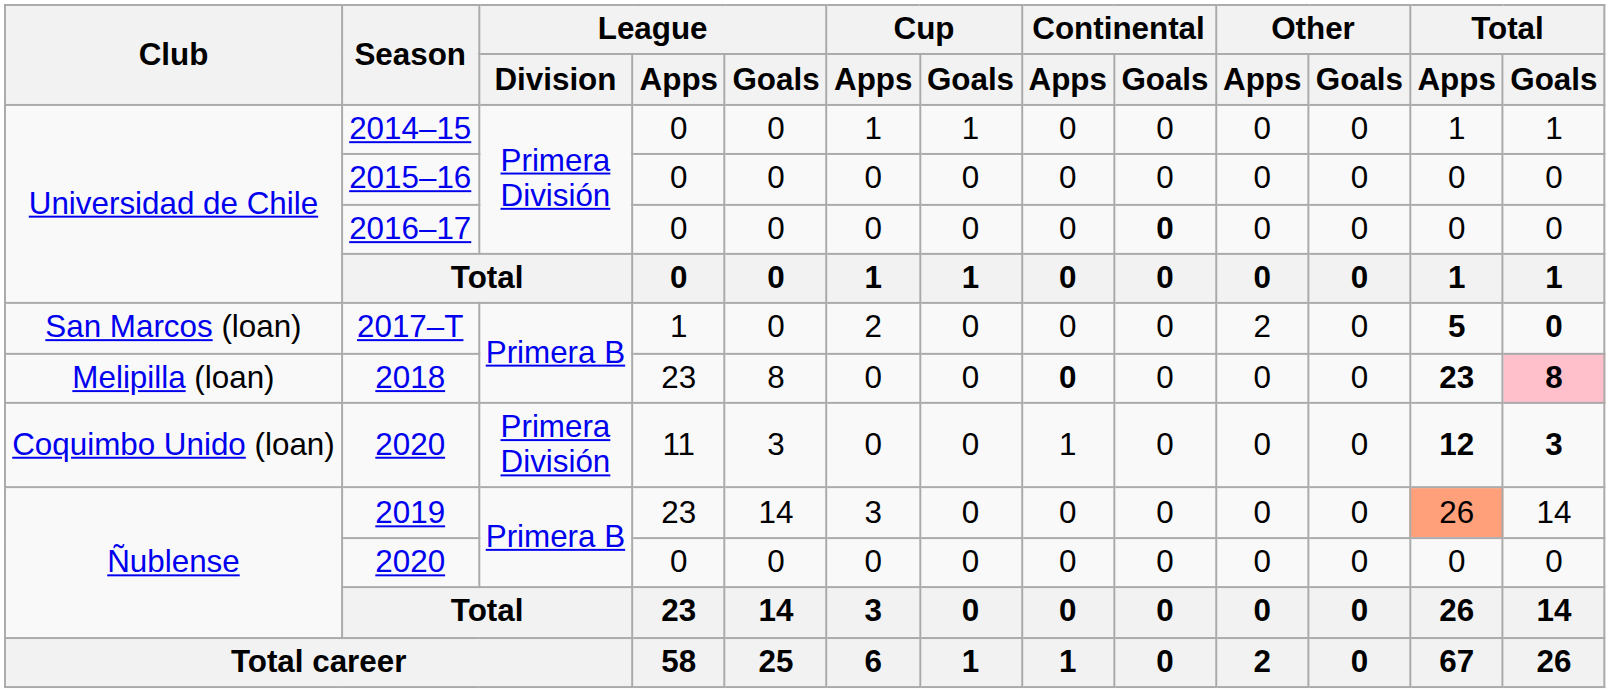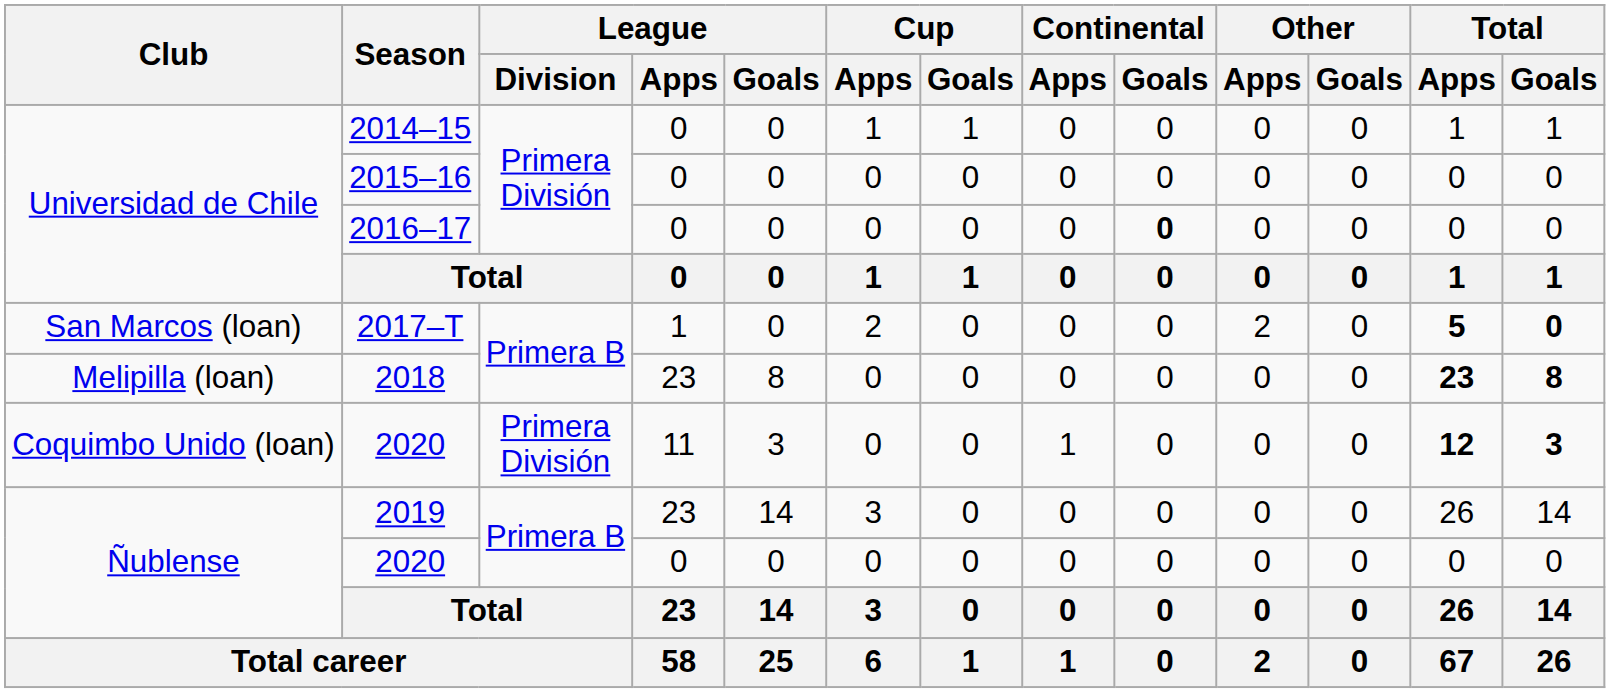 <table class="wikitable" style="text-align: center">
 <tr>
 <th rowspan="2">Club</th>
 <th rowspan="2">Season</th>
 <th colspan="3">League</th>
 <th colspan="2">Cup</th>
 <th colspan="2">Continental</th>
 <th colspan="2">Other</th>
 <th colspan="2">Total</th>
 </tr>
 <tr>
 <th>Division</th>
 <th>Apps</th>
 <th>Goals</th>
 <th>Apps</th>
 <th>Goals</th>
 <th>Apps</th>
 <th>Goals</th>
 <th>Apps</th>
 <th>Goals</th>
 <th>Apps</th>
 <th>Goals</th>
 </tr>
 <tr>
 <td rowspan="4"><a href='#'>Universidad de Chile</a></td>
 <td><a href='#'>2014–15</a></td>
 <td rowspan="3"><a href='#'>Primera<br>División</a></td>
 <td>0</td>
 <td>0</td>
 <td>1</td>
 <td>1</td>
 <td>0</td>
 <td>0</td>
 <td>0</td>
 <td>0</td>
 <td>1</td>
 <td>1</td>
 </tr>
 <tr>
 <td><a href='#'>2015–16</a></td>
 <td>0</td>
 <td>0</td>
 <td>0</td>
 <td>0</td>
 <td>0</td>
 <td>0</td>
 <td>0</td>
 <td>0</td>
 <td>0</td>
 <td>0</td>
 </tr>
 <tr>
 <td><a href='#'>2016–17</a></td>
 <td>0</td>
 <td>0</td>
 <td>0</td>
 <td>0</td>
 <td>0</td>
 <td><strong>0</strong></td>
 <td>0</td>
 <td>0</td>
 <td>0</td>
 <td>0</td>
 </tr>
 <tr>
 <th colspan="2"><strong>Total</strong></th>
 <th>0</th>
 <th>0</th>
 <th>1</th>
 <th>1</th>
 <th>0</th>
 <th>0</th>
 <th>0</th>
 <th>0</th>
 <th>1</th>
 <th>1</th>
 </tr>
 <tr>
 <td><a href='#'>San Marcos</a> (loan)</td>
 <td><a href='#'>2017–T</a></td>
 <td rowspan="2"><a href='#'>Primera B</a></td>
 <td>1</td>
 <td>0</td>
 <td>2</td>
 <td>0</td>
 <td>0</td>
 <td>0</td>
 <td>2</td>
 <td>0</td>
 <td><strong>5</strong></td>
 <td><strong>0</strong></td>
 </tr>
 <tr>
 <td><a href='#'>Melipilla</a> (loan)</td>
 <td><a href='#'>2018</a></td>
 <td>23</td>
 <td>8</td>
 <td>0</td>
 <td>0</td>
-<td><strong>0</strong></td>
+<td>0</td>
 <td>0</td>
 <td>0</td>
 <td>0</td>
 <td><strong>23</strong></td>
-<td style="background: pink;"><strong>8</strong></td>
+<td><strong>8</strong></td>
 </tr>
 <tr>
 <td><a href='#'>Coquimbo Unido</a> (loan)</td>
 <td><a href='#'>2020</a></td>
 <td><a href='#'>Primera<br>División</a></td>
 <td>11</td>
 <td>3</td>
 <td>0</td>
 <td>0</td>
 <td>1</td>
 <td>0</td>
 <td>0</td>
 <td>0</td>
 <td><strong>12</strong></td>
 <td><strong>3</strong></td>
 </tr>
 <tr>
 <td rowspan="3"><a href='#'>Ñublense</a></td>
 <td><a href='#'>2019</a></td>
 <td rowspan="2"><a href='#'>Primera B</a></td>
 <td>23</td>
 <td>14</td>
 <td>3</td>
 <td>0</td>
 <td>0</td>
 <td>0</td>
 <td>0</td>
 <td>0</td>
-<td style="background: lightsalmon;">26</td>
+<td>26</td>
 <td>14</td>
 </tr>
 <tr>
 <td><a href='#'>2020</a></td>
 <td>0</td>
 <td>0</td>
 <td>0</td>
 <td>0</td>
 <td>0</td>
 <td>0</td>
 <td>0</td>
 <td>0</td>
 <td>0</td>
 <td>0</td>
 </tr>
 <tr>
 <th colspan="2"><strong>Total</strong></th>
 <th>23</th>
 <th>14</th>
 <th>3</th>
 <th>0</th>
 <th>0</th>
 <th>0</th>
 <th>0</th>
 <th>0</th>
 <th>26</th>
 <th>14</th>
 </tr>
 <tr>
 <th colspan="3"><strong>Total career</strong></th>
 <th>58</th>
 <th>25</th>
 <th>6</th>
 <th>1</th>
 <th>1</th>
 <th>0</th>
 <th>2</th>
 <th>0</th>
 <th>67</th>
 <th>26</th>
 </tr>
 </table>
